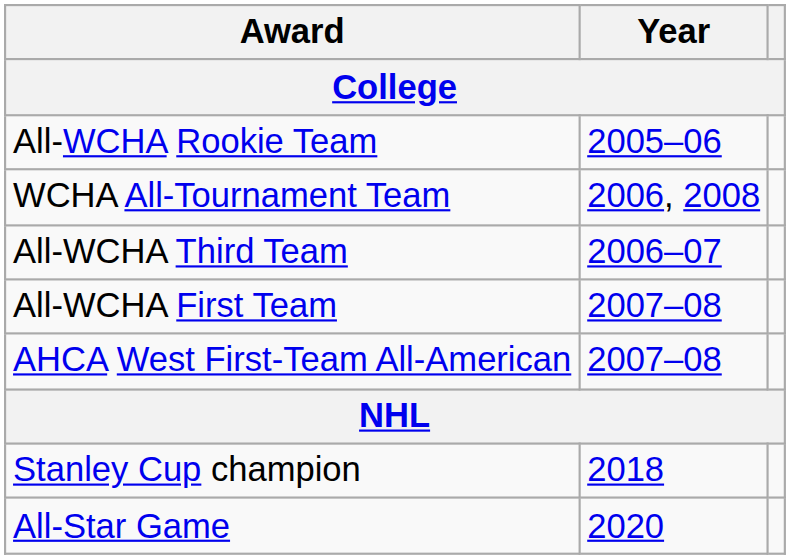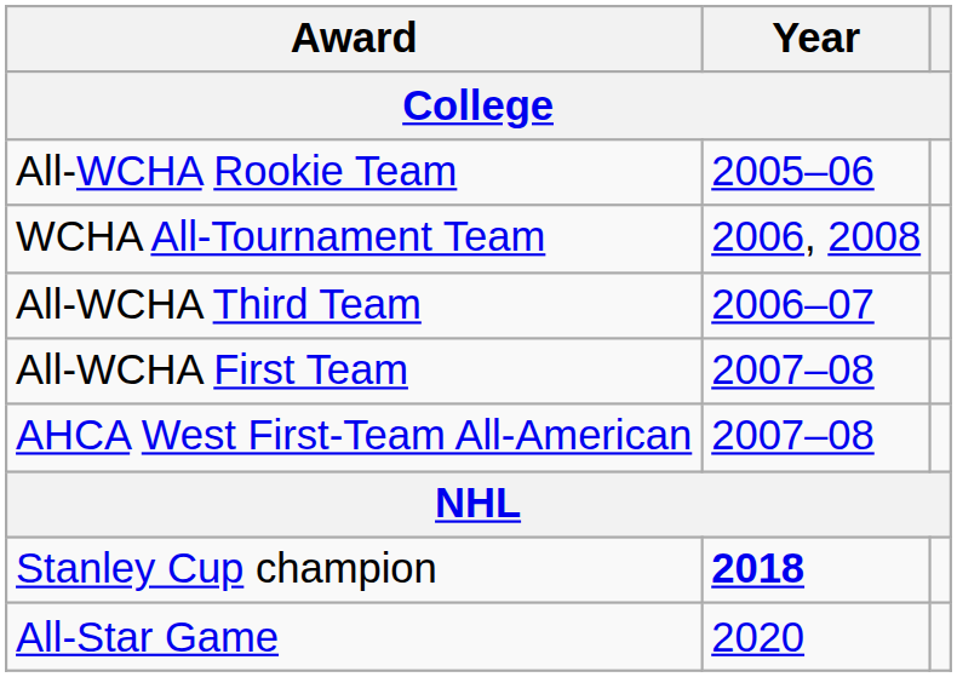 <table class="wikitable">
 <tr>
 <th>Award</th>
 <th>Year</th>
 <th></th>
 </tr>
 <tr>
 <th colspan="3"><a href='#'>College</a></th>
 </tr>
 <tr>
 <td>All-<a href='#'>WCHA</a> <a href='#'>Rookie Team</a></td>
 <td><a href='#'>2005–06</a></td>
 <td></td>
 </tr>
 <tr>
 <td>WCHA <a href='#'>All-Tournament Team</a></td>
 <td><a href='#'>2006</a>, <a href='#'>2008</a></td>
 <td></td>
 </tr>
 <tr>
 <td>All-WCHA <a href='#'>Third Team</a></td>
 <td><a href='#'>2006–07</a></td>
 <td></td>
 </tr>
 <tr>
 <td>All-WCHA <a href='#'>First Team</a></td>
 <td><a href='#'>2007–08</a></td>
 <td></td>
 </tr>
 <tr>
 <td><a href='#'>AHCA</a> <a href='#'>West First-Team All-American</a></td>
 <td><a href='#'>2007–08</a></td>
 <td></td>
 </tr>
 <tr>
 <th colspan="3"><a href='#'>NHL</a></th>
 </tr>
 <tr>
 <td><a href='#'>Stanley Cup</a> champion</td>
-<td><a href='#'>2018</a></td>
+<td><strong><a href='#'>2018</a></strong></td>
 <td></td>
 </tr>
 <tr>
 <td><a href='#'>All-Star Game</a></td>
 <td><a href='#'>2020</a></td>
 <td></td>
 </tr>
 </table>
